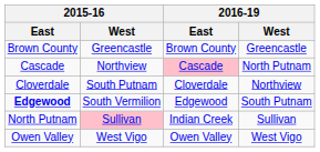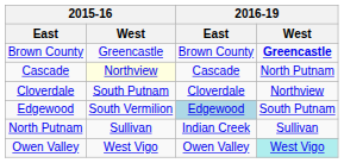 <table class="wikitable" style="text-align:center">
 <tr>
 <th colspan="2">2015-16</th>
 <th colspan="2">2016-19</th>
 </tr>
 <tr>
 <th>East</th>
 <th>West</th>
 <th>East</th>
 <th>West</th>
 </tr>
 <tr>
 <td><a href='#'>Brown County</a></td>
 <td><a href='#'>Greencastle</a></td>
 <td><a href='#'>Brown County</a></td>
-<td><a href='#'>Greencastle</a></td>
+<td><strong><a href='#'>Greencastle</a></strong></td>
 </tr>
 <tr>
 <td><a href='#'>Cascade</a></td>
-<td><a href='#'>Northview</a></td>
-<td style="background: pink;"><a href='#'>Cascade</a></td>
+<td style="background: lightyellow;"><a href='#'>Northview</a></td>
+<td><a href='#'>Cascade</a></td>
 <td><a href='#'>North Putnam</a></td>
 </tr>
 <tr>
 <td><a href='#'>Cloverdale</a></td>
 <td><a href='#'>South Putnam</a></td>
 <td><a href='#'>Cloverdale</a></td>
 <td><a href='#'>Northview</a></td>
 </tr>
 <tr>
-<td><strong><a href='#'>Edgewood</a></strong></td>
+<td><a href='#'>Edgewood</a></td>
 <td><a href='#'>South Vermilion</a></td>
-<td><a href='#'>Edgewood</a></td>
+<td style="background: lightblue;"><a href='#'>Edgewood</a></td>
 <td><a href='#'>South Putnam</a></td>
 </tr>
 <tr>
 <td><a href='#'>North Putnam</a></td>
-<td style="background: pink;"><a href='#'>Sullivan</a></td>
+<td><a href='#'>Sullivan</a></td>
 <td><a href='#'>Indian Creek</a></td>
 <td><a href='#'>Sullivan</a></td>
 </tr>
 <tr>
 <td><a href='#'>Owen Valley</a></td>
 <td><a href='#'>West Vigo</a></td>
 <td><a href='#'>Owen Valley</a></td>
-<td><a href='#'>West Vigo</a></td>
+<td style="background: paleturquoise;"><a href='#'>West Vigo</a></td>
 </tr>
 </table>
